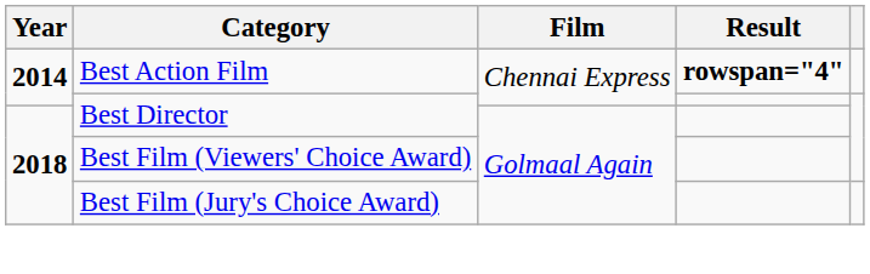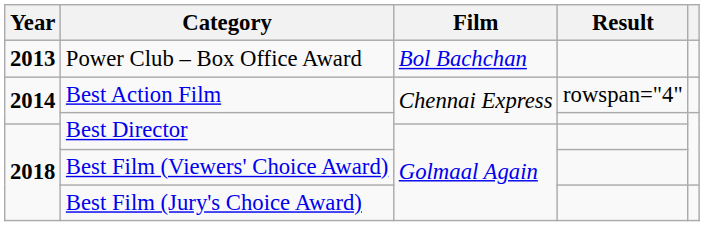 <table Class="wikitable">
 <tr>
 <th>Year</th>
 <th>Category</th>
 <th>Film</th>
 <th>Result</th>
 <th></th>
 </tr>
 <tr>
+<td><strong>2013</strong></td>
+<td>Power Club – Box Office Award</td>
+<td><em><a href='#'>Bol Bachchan</a></em></td>
+<td></td>
+<td></td>
+</tr>
+<tr>
 <td rowspan="2"><strong>2014</strong></td>
 <td><a href='#'>Best Action Film</a></td>
 <td rowspan="2"><em>Chennai Express</em></td>
-<td><strong>rowspan="4" </strong></td>
+<td>rowspan="4" </td>
 <td></td>
 </tr>
 <tr>
 <td rowspan="2"><a href='#'>Best Director</a></td>
 <td></td>
 </tr>
 <tr>
 <td rowspan="3"><strong>2018</strong></td>
 <td rowspan="3"><em><a href='#'>Golmaal Again</a></em></td>
 <td></td>
 </tr>
 <tr>
 <td><a href='#'>Best Film (Viewers' Choice Award)</a></td>
 <td><br></td>
 </tr>
 <tr>
 <td><a href='#'>Best Film (Jury's Choice Award)</a></td>
 <td></td>
 <td><br></td>
 </tr>
 </table>
